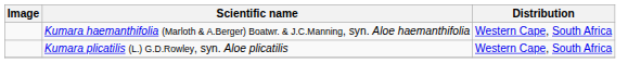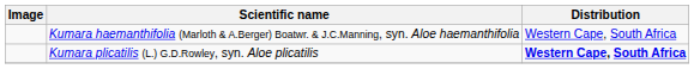 <table class="wikitable">
 <tr>
 <th>Image</th>
 <th>Scientific name</th>
 <th>Distribution</th>
 </tr>
 <tr>
 <td></td>
 <td><em><a href='#'>Kumara haemanthifolia</a></em> <small>(Marloth & A.Berger) Boatwr. & J.C.Manning</small>, syn. <em>Aloe haemanthifolia</em></td>
 <td><a href='#'>Western Cape</a>, <a href='#'>South Africa</a></td>
 </tr>
 <tr>
 <td></td>
 <td><em><a href='#'>Kumara plicatilis</a></em> <small>(L.) G.D.Rowley</small>, syn. <em>Aloe plicatilis</em></td>
-<td><a href='#'>Western Cape</a>, <a href='#'>South Africa</a></td>
+<td><strong><a href='#'>Western Cape</a>, <a href='#'>South Africa</a></strong></td>
 </tr>
 <tr>
 </tr>
 </table>
